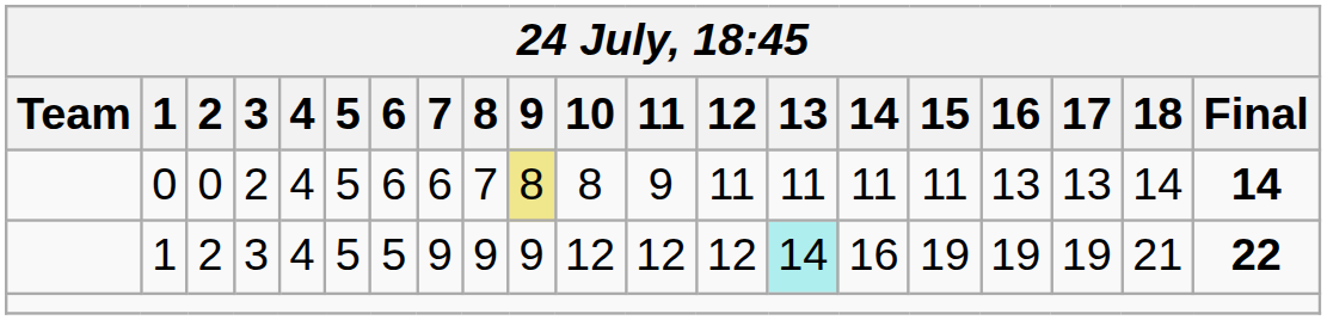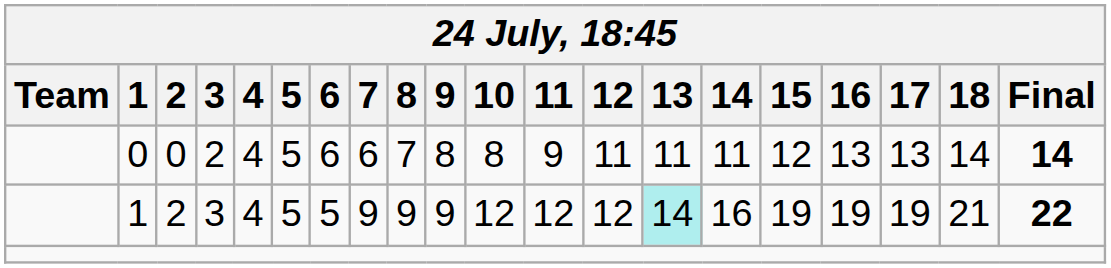 <table class=wikitable style="text-align:center; width: 55%">
 <tr>
 <th colspan=20><em>24 July, 18:45</em></th>
 </tr>
 <tr>
 <th>Team</th>
 <th>1</th>
 <th>2</th>
 <th>3</th>
 <th>4</th>
 <th>5</th>
 <th>6</th>
 <th>7</th>
 <th>8</th>
 <th>9</th>
 <th>10</th>
 <th>11</th>
 <th>12</th>
 <th>13</th>
 <th>14</th>
 <th>15</th>
 <th>16</th>
 <th>17</th>
 <th>18</th>
 <th>Final</th>
 </tr>
 <tr>
 <td align=left></td>
 <td>0</td>
 <td>0</td>
 <td>2</td>
 <td>4</td>
 <td>5</td>
 <td>6</td>
 <td>6</td>
 <td>7</td>
-<td style="background: khaki;">8</td>
+<td>8</td>
 <td>8</td>
 <td>9</td>
 <td>11</td>
 <td>11</td>
 <td>11</td>
-<td>11</td>
+<td>12</td>
 <td>13</td>
 <td>13</td>
 <td>14</td>
 <td><strong>14</strong></td>
 </tr>
 <tr>
 <td align=left><strong></strong></td>
 <td>1</td>
 <td>2</td>
 <td>3</td>
 <td>4</td>
 <td>5</td>
 <td>5</td>
 <td>9</td>
 <td>9</td>
 <td>9</td>
 <td>12</td>
 <td>12</td>
 <td>12</td>
 <td style="background: paleturquoise;">14</td>
 <td>16</td>
 <td>19</td>
 <td>19</td>
 <td>19</td>
 <td>21</td>
 <td><strong>22</strong></td>
 </tr>
 <tr>
 <td colspan=20></td>
 </tr>
 </table>
